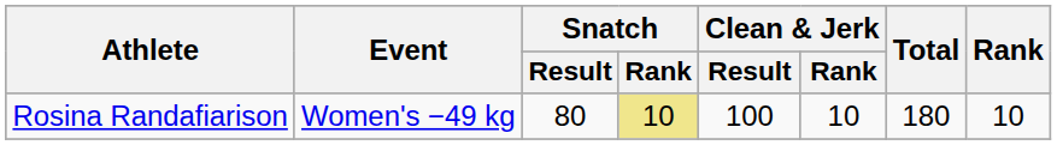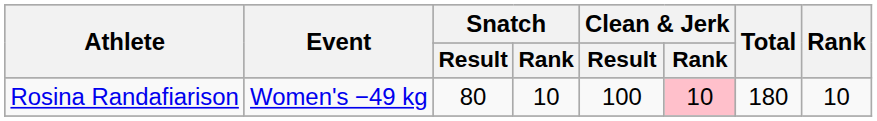 <table class="wikitable" style="font-size:90%">
 <tr>
 <th rowspan="2">Athlete</th>
 <th rowspan="2">Event</th>
 <th colspan="2">Snatch</th>
 <th colspan="2">Clean & Jerk</th>
 <th rowspan="2">Total</th>
 <th rowspan="2">Rank</th>
 </tr>
 <tr style="font-size:95%">
 <th>Result</th>
 <th>Rank</th>
 <th>Result</th>
 <th>Rank</th>
 </tr>
 <tr align=center>
 <td align=left><a href='#'>Rosina Randafiarison</a></td>
 <td align=left><a href='#'>Women's −49 kg</a></td>
 <td>80</td>
-<td style="background: khaki;">10</td>
+<td>10</td>
 <td>100</td>
-<td>10</td>
+<td style="background: pink;">10</td>
 <td>180</td>
 <td>10</td>
 </tr>
 </table>
